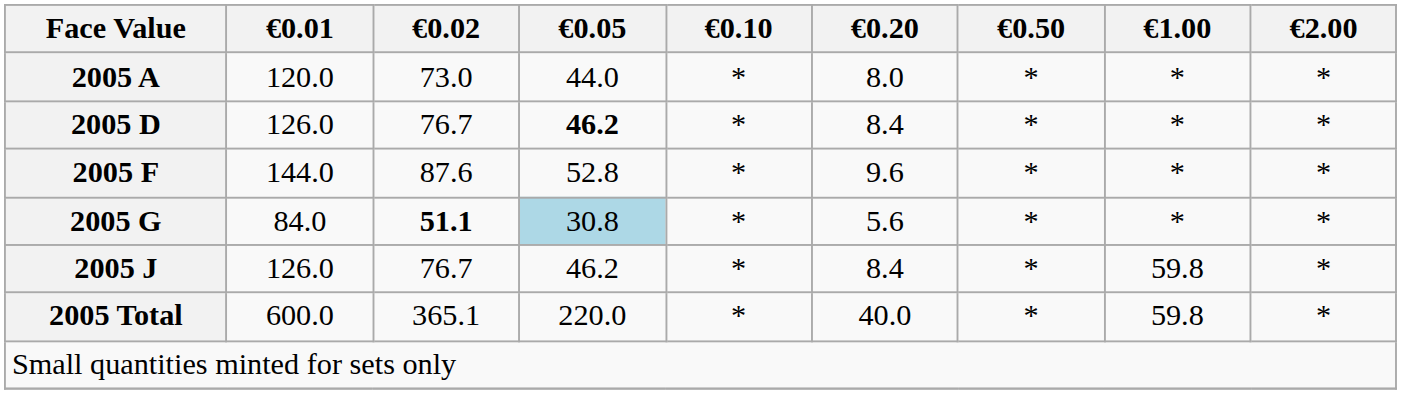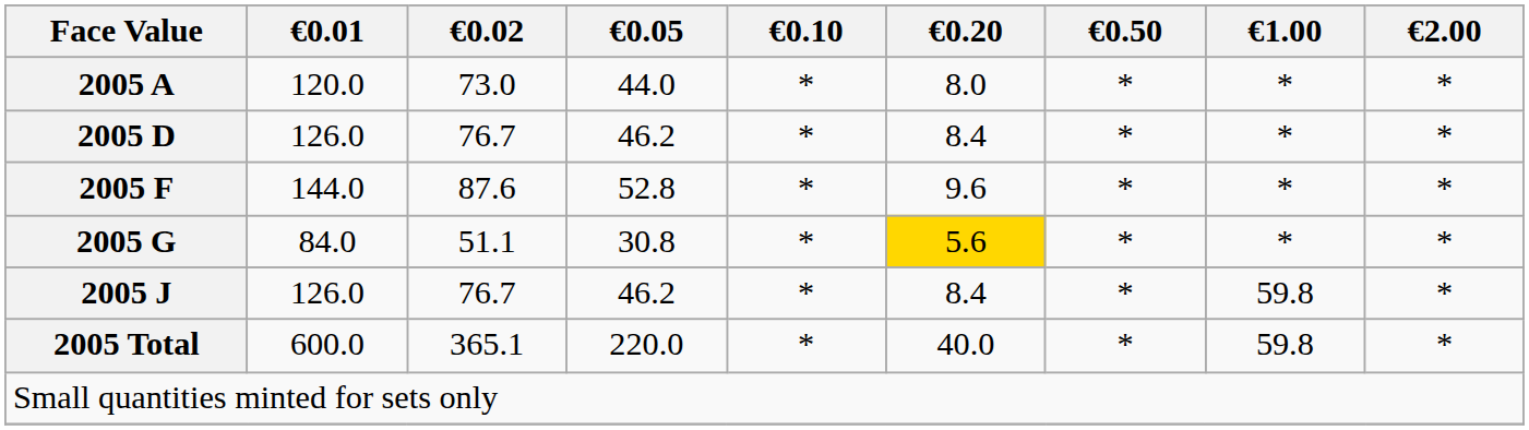 <table class="wikitable" style="text-align:center">
 <tr>
 <th align=left width=110px>Face Value</th>
 <th align=left width=70px>€0.01</th>
 <th align=left width=70px>€0.02</th>
 <th align=left width=70px>€0.05</th>
 <th align=left width=70px>€0.10</th>
 <th align=left width=70px>€0.20</th>
 <th align=left width=70px>€0.50</th>
 <th align=left width=70px>€1.00</th>
 <th align=left width=70px>€2.00</th>
 </tr>
 <tr>
 <th>2005 A</th>
 <td>120.0</td>
 <td>73.0</td>
 <td>44.0</td>
 <td>*</td>
 <td>8.0</td>
 <td>*</td>
 <td>*</td>
 <td>*</td>
 </tr>
 <tr>
 <th>2005 D</th>
 <td>126.0</td>
 <td>76.7</td>
-<td><strong>46.2</strong></td>
+<td>46.2</td>
 <td>*</td>
 <td>8.4</td>
 <td>*</td>
 <td>*</td>
 <td>*</td>
 </tr>
 <tr>
 <th>2005 F</th>
 <td>144.0</td>
 <td>87.6</td>
 <td>52.8</td>
 <td>*</td>
 <td>9.6</td>
 <td>*</td>
 <td>*</td>
 <td>*</td>
 </tr>
 <tr>
 <th>2005 G</th>
 <td>84.0</td>
-<td><strong>51.1</strong></td>
-<td style="background: lightblue;">30.8</td>
+<td>51.1</td>
+<td>30.8</td>
 <td>*</td>
-<td>5.6</td>
+<td style="background: gold;">5.6</td>
 <td>*</td>
 <td>*</td>
 <td>*</td>
 </tr>
 <tr>
 <th>2005 J</th>
 <td>126.0</td>
 <td>76.7</td>
 <td>46.2</td>
 <td>*</td>
 <td>8.4</td>
 <td>*</td>
 <td>59.8</td>
 <td>*</td>
 </tr>
 <tr>
 <th>2005 Total</th>
 <td>600.0</td>
 <td>365.1</td>
 <td>220.0</td>
 <td>*</td>
 <td>40.0</td>
 <td>*</td>
 <td>59.8</td>
 <td>*</td>
 </tr>
 <tr>
 <td align=left colspan=9> Small quantities minted for sets only</td>
 </tr>
 <tr>
 </tr>
 </table>
